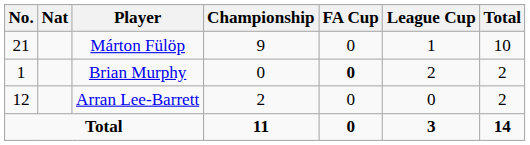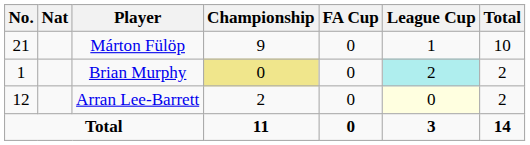 <table class="wikitable" style="text-align:center">
 <tr>
 <th width=0%>No.</th>
 <th width=0%>Nat</th>
 <th width=0%>Player</th>
 <th width=0%>Championship</th>
 <th width=0%>FA Cup</th>
 <th width=0%>League Cup</th>
 <th width=0%>Total</th>
 </tr>
 <tr>
 <td>21</td>
 <td></td>
 <td><a href='#'>Márton Fülöp</a></td>
 <td>9</td>
 <td>0</td>
 <td>1</td>
 <td>10</td>
 </tr>
 <tr>
 <td>1</td>
 <td></td>
 <td><a href='#'>Brian Murphy</a></td>
+<td style="background: khaki;">0</td>
 <td>0</td>
-<td><strong>0</strong></td>
-<td>2</td>
+<td style="background: paleturquoise;">2</td>
 <td>2</td>
 </tr>
 <tr>
 <td>12</td>
 <td></td>
 <td><a href='#'>Arran Lee-Barrett</a></td>
 <td>2</td>
 <td>0</td>
-<td>0</td>
+<td style="background: lightyellow;">0</td>
 <td>2</td>
 </tr>
 <tr>
 <td colspan=3><strong>Total</strong></td>
 <td><strong>11</strong></td>
 <td><strong>0</strong></td>
 <td><strong>3</strong></td>
 <td><strong>14</strong></td>
 </tr>
 </table>
